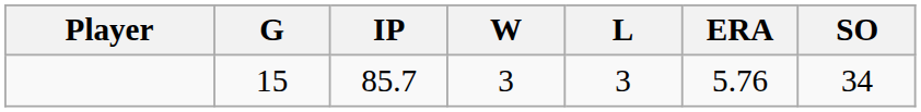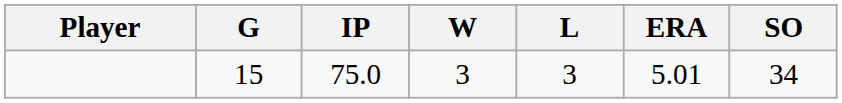 <table class="wikitable sortable">
 <tr>
 <th bgcolor="#DDDDFF" width="16%">Player</th>
 <th bgcolor="#DDDDFF" width="9%">G</th>
 <th bgcolor="#DDDDFF" width="9%">IP</th>
 <th bgcolor="#DDDDFF" width="9%">W</th>
 <th bgcolor="#DDDDFF" width="9%">L</th>
 <th bgcolor="#DDDDFF" width="9%">ERA</th>
 <th bgcolor="#DDDDFF" width="9%">SO</th>
 </tr>
 <tr align="center">
 <td></td>
 <td>15</td>
-<td>85.7</td>
+<td>75.0</td>
 <td>3</td>
 <td>3</td>
-<td>5.76</td>
+<td>5.01</td>
 <td>34</td>
 </tr>
 </table>
